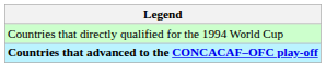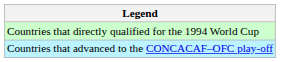 <table class="wikitable">
 <tr>
 <th>Legend</th>
 </tr>
 <tr bgcolor="#ccffcc">
 <td>Countries that directly qualified for the 1994 World Cup</td>
 </tr>
 <tr bgcolor="#BBF3FF">
-<td><strong>Countries that advanced to the <a href='#'>CONCACAF–OFC play-off</a></strong></td>
+<td>Countries that advanced to the <a href='#'>CONCACAF–OFC play-off</a></td>
 </tr>
 </table>
